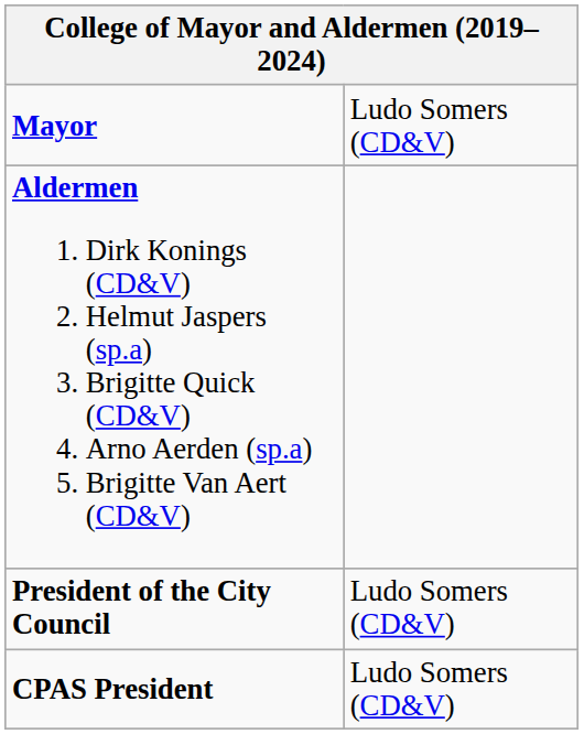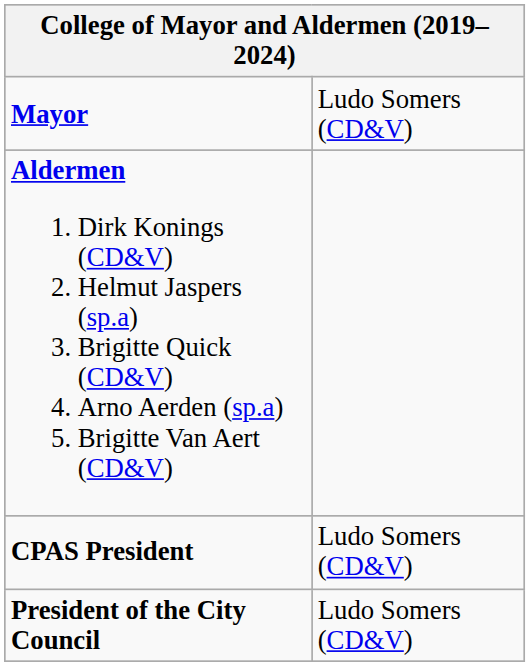 <table class="wikitable" width="50%">
 <tr>
 <th colspan="2">College of Mayor and Aldermen (2019–2024)</th>
 </tr>
 <tr>
 <td><strong><a href='#'>Mayor</a></strong></td>
 <td>Ludo Somers (<a href='#'>CD&V</a>)</td>
 </tr>
 <tr>
 <td><strong><a href='#'>Aldermen</a></strong><br><ol><li>Dirk Konings (<a href='#'>CD&V</a>)</li><li>Helmut Jaspers (<a href='#'>sp.a</a>)</li><li>Brigitte Quick (<a href='#'>CD&V</a>)</li><li>Arno Aerden (<a href='#'>sp.a</a>)</li><li>Brigitte Van Aert (<a href='#'>CD&V</a>)</li></ol></td>
 </tr>
 <tr>
+<td><strong>CPAS President</strong></td>
+<td>Ludo Somers (<a href='#'>CD&V</a>)</td>
+</tr>
+<tr>
 <td><strong>President of the City Council</strong></td>
 <td>Ludo Somers (<a href='#'>CD&V</a>)</td>
 </tr>
-<tr>
-<td><strong>CPAS President</strong></td>
-<td>Ludo Somers (<a href='#'>CD&V</a>)</td>
-</tr>
 </table>
